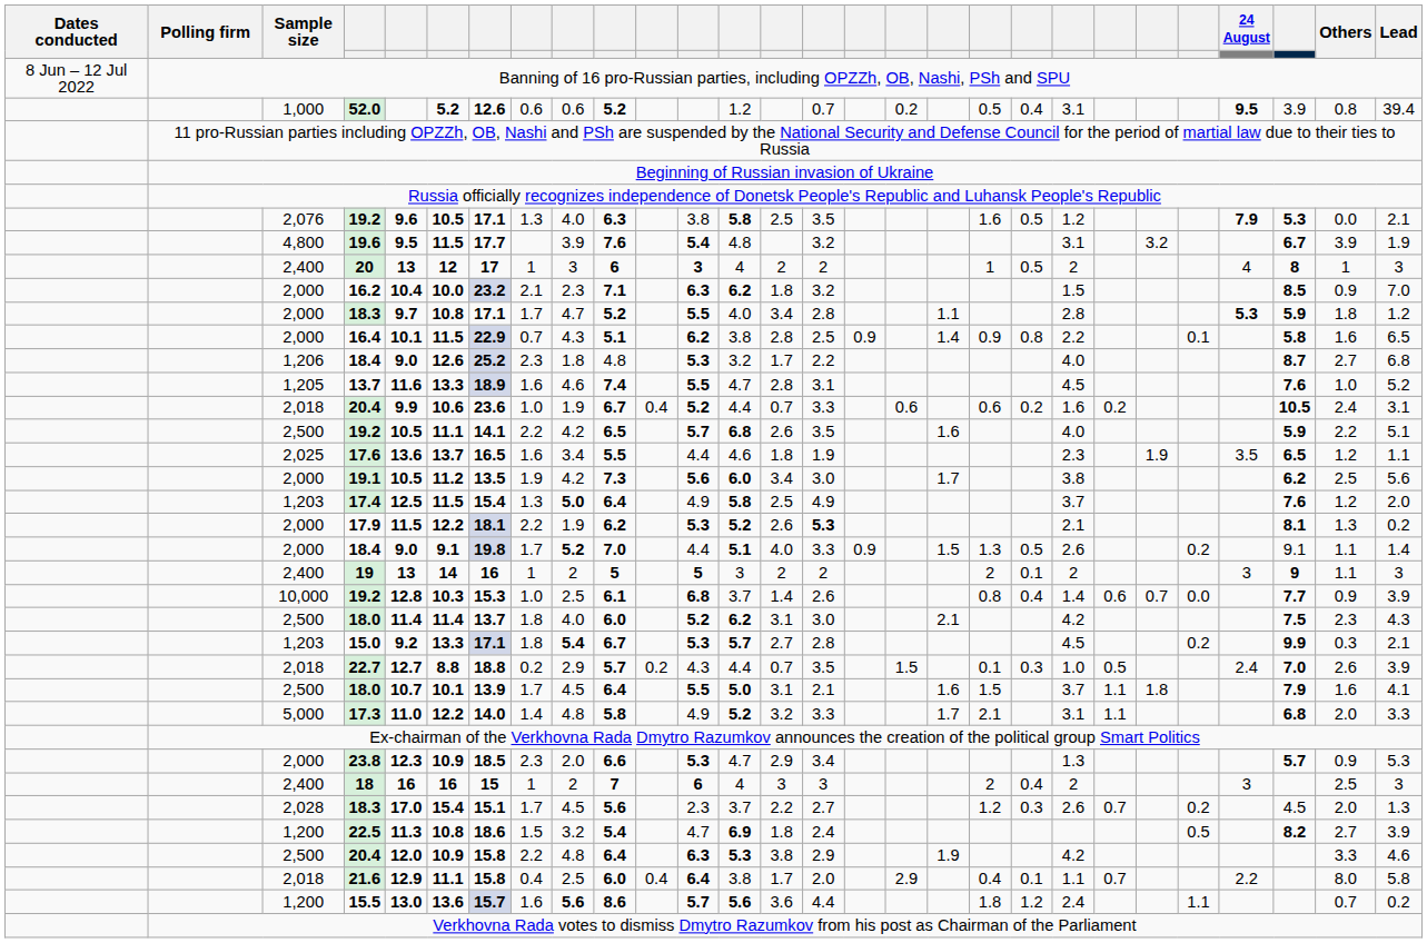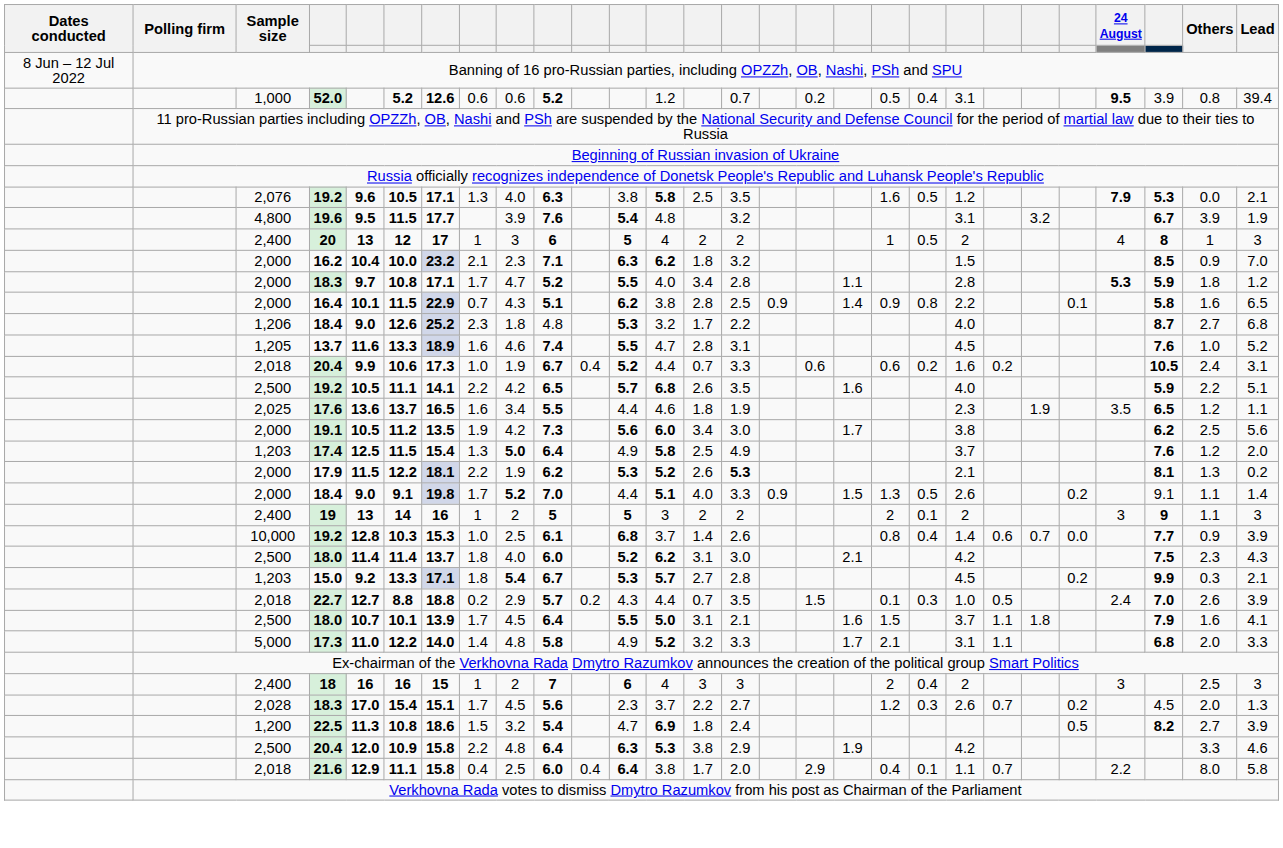 <table class="wikitable sortable mw-datatable mw-collapsible" style="text-align:center;font-size:90%;line-height:14px;">
 <tr style="height:40px;">
 <th rowspan="2">Dates<br>conducted</th>
 <th rowspan="2">Polling firm</th>
 <th rowspan="2">Sample<br>size</th>
 <th class="unsortable" style="width:30px;"></th>
 <th class="unsortable" style="width:30px;"></th>
 <th class="unsortable" style="width:30px;"></th>
 <th class="unsortable" style="width:30px;"></th>
 <th class="unsortable" style="width:30px;"></th>
 <th class="unsortable" style="width:30px;"></th>
 <th class="unsortable" style="width:30px;"></th>
 <th class="unsortable" style="width:30px;"></th>
 <th class="unsortable" style="width:30px;"></th>
 <th class="unsortable" style="width:30px;"></th>
 <th class="unsortable" style="width:30px;"></th>
 <th class="unsortable" style="width:30px;"></th>
 <th class="unsortable" style="width:30px;"></th>
 <th class="unsortable" style="width:30px;"></th>
 <th class="unsortable" style="width:30px;"></th>
 <th class="unsortable" style="width:30px;"></th>
 <th class="unsortable" style="width:30px;"></th>
 <th class="unsortable" style="width:30px;"></th>
 <th class="unsortable" style="width:30px;"></th>
 <th class="unsortable" style="width:30px;"></th>
 <th class="unsortable" style="width:30px;"></th>
 <th class="unsortable" style="width:30px;"><small><a href='#'>24<br>August</a></small></th>
 <th class="unsortable" style="width:30px;"></th>
 <th rowspan="2" class="unsortable" style="width:30px;">Others</th>
 <th rowspan="2" style="width:30px;">Lead</th>
 </tr>
 <tr>
 <th data-sort-type="number" style="background:"></th>
 <th data-sort-type="number" style="background:"></th>
 <th data-sort-type="number" style="background:"></th>
 <th data-sort-type="number" style="background:"></th>
 <th data-sort-type="number" style="background:"></th>
 <th data-sort-type="number" style="background:"></th>
 <th data-sort-type="number" style="background:"></th>
 <th data-sort-type="number" style="background:"></th>
 <th data-sort-type="number" style="background:"></th>
 <th data-sort-type="number" style="background:"></th>
 <th data-sort-type="number" style="background:"></th>
 <th data-sort-type="number" style="background:"></th>
 <th data-sort-type="number" style="background:"></th>
 <th data-sort-type="number" style="background:"></th>
 <th data-sort-type="number" style="background:"></th>
 <th data-sort-type="number" style="background:"></th>
 <th data-sort-type="number" style="background:"></th>
 <th data-sort-type="number" style="background:"></th>
 <th data-sort-type="number" style="background:"></th>
 <th data-sort-type="number" style="background:"></th>
 <th data-sort-type="number" style="background:"></th>
 <th data-sort-type="number" style="background:#808080;"></th>
 <th data-sort-type="number" style="background:#00264A;"></th>
 </tr>
 <tr>
 <td>8 Jun – 12 Jul 2022</td>
 <td colspan="27">Banning of 16 pro-Russian parties, including <a href='#'>OPZZh</a>, <a href='#'>OB</a>, <a href='#'>Nashi</a>, <a href='#'>PSh</a> and <a href='#'>SPU</a></td>
 </tr>
 <tr>
 <td></td>
 <td></td>
 <td>1,000</td>
 <td style="background:#D7F0DB;"><strong>52.0</strong></td>
 <td></td>
 <td><strong>5.2</strong></td>
 <td><strong>12.6</strong></td>
 <td>0.6</td>
 <td>0.6</td>
 <td><strong>5.2</strong></td>
 <td></td>
 <td></td>
 <td>1.2</td>
 <td></td>
 <td>0.7</td>
 <td></td>
 <td>0.2</td>
 <td></td>
 <td>0.5</td>
 <td>0.4</td>
 <td>3.1</td>
 <td></td>
 <td></td>
 <td></td>
 <td><strong>9.5</strong></td>
 <td>3.9</td>
 <td>0.8</td>
 <td style="background:">39.4</td>
 </tr>
 <tr>
 <td></td>
 <td colspan="27">11 pro-Russian parties including <a href='#'>OPZZh</a>, <a href='#'>OB</a>, <a href='#'>Nashi</a> and <a href='#'>PSh</a> are suspended by the <a href='#'>National Security and Defense Council</a> for the period of <a href='#'>martial law</a> due to their ties to Russia</td>
 </tr>
 <tr>
 <td></td>
 <td colspan="27"><a href='#'>Beginning of Russian invasion of Ukraine</a></td>
 </tr>
 <tr>
 <td></td>
 <td colspan="27"><a href='#'>Russia</a> officially <a href='#'>recognizes independence of Donetsk People's Republic and Luhansk People's Republic</a></td>
 </tr>
 <tr>
 <td></td>
 <td></td>
 <td>2,076</td>
 <td style="background:#D7F0DB;"><strong>19.2</strong></td>
 <td><strong>9.6</strong></td>
 <td><strong>10.5</strong></td>
 <td><strong>17.1</strong></td>
 <td>1.3</td>
 <td>4.0</td>
 <td><strong>6.3</strong></td>
 <td></td>
 <td>3.8</td>
 <td><strong>5.8</strong></td>
 <td>2.5</td>
 <td>3.5</td>
 <td></td>
 <td></td>
 <td></td>
 <td>1.6</td>
 <td>0.5</td>
 <td>1.2</td>
 <td></td>
 <td></td>
 <td></td>
 <td><strong>7.9</strong></td>
 <td><strong>5.3</strong></td>
 <td>0.0</td>
 <td style="background:">2.1</td>
 </tr>
 <tr>
 <td></td>
 <td></td>
 <td>4,800</td>
 <td style="background:#D7F0DB;"><strong>19.6</strong></td>
 <td><strong>9.5</strong></td>
 <td><strong>11.5</strong></td>
 <td><strong>17.7</strong></td>
 <td></td>
 <td>3.9</td>
 <td><strong>7.6</strong></td>
 <td></td>
 <td><strong>5.4</strong></td>
 <td>4.8</td>
 <td></td>
 <td>3.2</td>
 <td></td>
 <td></td>
 <td></td>
 <td></td>
 <td></td>
 <td>3.1</td>
 <td></td>
 <td>3.2</td>
 <td></td>
 <td></td>
 <td><strong>6.7</strong></td>
 <td>3.9</td>
 <td style="background:">1.9</td>
 </tr>
 <tr>
 <td></td>
 <td></td>
 <td>2,400</td>
 <td style="background:#D7F0DB;"><strong>20</strong></td>
 <td><strong>13</strong></td>
 <td><strong>12</strong></td>
 <td><strong>17</strong></td>
 <td>1</td>
 <td>3</td>
 <td><strong>6</strong></td>
 <td></td>
-<td><strong>3</strong></td>
+<td><strong>5</strong></td>
 <td>4</td>
 <td>2</td>
 <td>2</td>
 <td></td>
 <td></td>
 <td></td>
 <td>1</td>
 <td>0.5</td>
 <td>2</td>
 <td></td>
 <td></td>
 <td></td>
 <td>4</td>
 <td><strong>8</strong></td>
 <td>1</td>
 <td style="background:">3</td>
 </tr>
 <tr>
 <td></td>
 <td></td>
 <td>2,000</td>
 <td><strong>16.2</strong></td>
 <td><strong>10.4</strong></td>
 <td><strong>10.0</strong></td>
 <td style="background:#D1D7E9;"><strong>23.2</strong></td>
 <td>2.1</td>
 <td>2.3</td>
 <td><strong>7.1</strong></td>
 <td></td>
 <td><strong>6.3</strong></td>
 <td><strong>6.2</strong></td>
 <td>1.8</td>
 <td>3.2</td>
 <td></td>
 <td></td>
 <td></td>
 <td></td>
 <td></td>
 <td>1.5</td>
 <td></td>
 <td></td>
 <td></td>
 <td></td>
 <td><strong>8.5</strong></td>
 <td>0.9</td>
 <td style="background:">7.0</td>
 </tr>
 <tr>
 <td></td>
 <td></td>
 <td>2,000</td>
 <td style="background:#D7F0DB;"><strong>18.3</strong></td>
 <td><strong>9.7</strong></td>
 <td><strong>10.8</strong></td>
 <td><strong>17.1</strong></td>
 <td>1.7</td>
 <td>4.7</td>
 <td><strong>5.2</strong></td>
 <td></td>
 <td><strong>5.5</strong></td>
 <td>4.0</td>
 <td>3.4</td>
 <td>2.8</td>
 <td></td>
 <td></td>
 <td>1.1</td>
 <td></td>
 <td></td>
 <td>2.8</td>
 <td></td>
 <td></td>
 <td></td>
 <td><strong>5.3</strong></td>
 <td><strong>5.9</strong></td>
 <td>1.8</td>
 <td style="background:">1.2</td>
 </tr>
 <tr>
 <td></td>
 <td></td>
 <td>2,000</td>
 <td><strong>16.4</strong></td>
 <td><strong>10.1</strong></td>
 <td><strong>11.5</strong></td>
 <td style="background:#D1D7E9;"><strong>22.9</strong></td>
 <td>0.7</td>
 <td>4.3</td>
 <td><strong>5.1</strong></td>
 <td></td>
 <td><strong>6.2</strong></td>
 <td>3.8</td>
 <td>2.8</td>
 <td>2.5</td>
 <td>0.9</td>
 <td></td>
 <td>1.4</td>
 <td>0.9</td>
 <td>0.8</td>
 <td>2.2</td>
 <td></td>
 <td></td>
 <td>0.1</td>
 <td></td>
 <td><strong>5.8</strong></td>
 <td>1.6</td>
 <td style="background:">6.5</td>
 </tr>
 <tr>
 <td></td>
 <td></td>
 <td>1,206</td>
 <td><strong>18.4</strong></td>
 <td><strong>9.0</strong></td>
 <td><strong>12.6</strong></td>
 <td style="background:#D1D7E9;"><strong>25.2</strong></td>
 <td>2.3</td>
 <td>1.8</td>
 <td>4.8</td>
 <td></td>
 <td><strong>5.3</strong></td>
 <td>3.2</td>
 <td>1.7</td>
 <td>2.2</td>
 <td></td>
 <td></td>
 <td></td>
 <td></td>
 <td></td>
 <td>4.0</td>
 <td></td>
 <td></td>
 <td></td>
 <td></td>
 <td><strong>8.7</strong></td>
 <td>2.7</td>
 <td style="background:">6.8</td>
 </tr>
 <tr>
 <td></td>
 <td></td>
 <td>1,205</td>
 <td><strong>13.7</strong></td>
 <td><strong>11.6</strong></td>
 <td><strong>13.3</strong></td>
 <td style="background:#D1D7E9;"><strong>18.9</strong></td>
 <td>1.6</td>
 <td>4.6</td>
 <td><strong>7.4</strong></td>
 <td></td>
 <td><strong>5.5</strong></td>
 <td>4.7</td>
 <td>2.8</td>
 <td>3.1</td>
 <td></td>
 <td></td>
 <td></td>
 <td></td>
 <td></td>
 <td>4.5</td>
 <td></td>
 <td></td>
 <td></td>
 <td></td>
 <td><strong>7.6</strong></td>
 <td>1.0</td>
 <td style="background:">5.2</td>
 </tr>
 <tr>
 <td></td>
 <td></td>
 <td>2,018</td>
 <td style="background:#D7F0DB;"><strong>20.4</strong></td>
 <td><strong>9.9</strong></td>
 <td><strong>10.6</strong></td>
-<td><strong>23.6</strong></td>
+<td><strong>17.3</strong></td>
 <td>1.0</td>
 <td>1.9</td>
 <td><strong>6.7</strong></td>
 <td>0.4</td>
 <td><strong>5.2</strong></td>
 <td>4.4</td>
 <td>0.7</td>
 <td>3.3</td>
 <td></td>
 <td>0.6</td>
 <td></td>
 <td>0.6</td>
 <td>0.2</td>
 <td>1.6</td>
 <td>0.2</td>
 <td></td>
 <td></td>
 <td></td>
 <td><strong>10.5</strong></td>
 <td>2.4</td>
 <td style="background:">3.1</td>
 </tr>
 <tr>
 <td></td>
 <td></td>
 <td>2,500</td>
 <td style="background:#D7F0DB;"><strong>19.2</strong></td>
 <td><strong>10.5</strong></td>
 <td><strong>11.1</strong></td>
 <td><strong>14.1</strong></td>
 <td>2.2</td>
 <td>4.2</td>
 <td><strong>6.5</strong></td>
 <td></td>
 <td><strong>5.7</strong></td>
 <td><strong>6.8</strong></td>
 <td>2.6</td>
 <td>3.5</td>
 <td></td>
 <td></td>
 <td>1.6</td>
 <td></td>
 <td></td>
 <td>4.0</td>
 <td></td>
 <td></td>
 <td></td>
 <td></td>
 <td><strong>5.9</strong></td>
 <td>2.2</td>
 <td style="background:">5.1</td>
 </tr>
 <tr>
 <td></td>
 <td></td>
 <td>2,025</td>
 <td style="background:#D7F0DB;"><strong>17.6</strong></td>
 <td><strong>13.6</strong></td>
 <td><strong>13.7</strong></td>
 <td><strong>16.5</strong></td>
 <td>1.6</td>
 <td>3.4</td>
 <td><strong>5.5</strong></td>
 <td></td>
 <td>4.4</td>
 <td>4.6</td>
 <td>1.8</td>
 <td>1.9</td>
 <td></td>
 <td></td>
 <td></td>
 <td></td>
 <td></td>
 <td>2.3</td>
 <td></td>
 <td>1.9</td>
 <td></td>
 <td>3.5</td>
 <td><strong>6.5</strong></td>
 <td>1.2</td>
 <td style="background:">1.1</td>
 </tr>
 <tr>
 <td></td>
 <td></td>
 <td>2,000</td>
 <td style="background:#D7F0DB;"><strong>19.1</strong></td>
 <td><strong>10.5</strong></td>
 <td><strong>11.2</strong></td>
 <td><strong>13.5</strong></td>
 <td>1.9</td>
 <td>4.2</td>
 <td><strong>7.3</strong></td>
 <td></td>
 <td><strong>5.6</strong></td>
 <td><strong>6.0</strong></td>
 <td>3.4</td>
 <td>3.0</td>
 <td></td>
 <td></td>
 <td>1.7</td>
 <td></td>
 <td></td>
 <td>3.8</td>
 <td></td>
 <td></td>
 <td></td>
 <td></td>
 <td><strong>6.2</strong></td>
 <td>2.5</td>
 <td style="background:">5.6</td>
 </tr>
 <tr>
 <td></td>
 <td></td>
 <td>1,203</td>
 <td style="background:#D7F0DB;"><strong>17.4</strong></td>
 <td><strong>12.5</strong></td>
 <td><strong>11.5</strong></td>
 <td><strong>15.4</strong></td>
 <td>1.3</td>
 <td><strong>5.0</strong></td>
 <td><strong>6.4</strong></td>
 <td></td>
 <td>4.9</td>
 <td><strong>5.8</strong></td>
 <td>2.5</td>
 <td>4.9</td>
 <td></td>
 <td></td>
 <td></td>
 <td></td>
 <td></td>
 <td>3.7</td>
 <td></td>
 <td></td>
 <td></td>
 <td></td>
 <td><strong>7.6</strong></td>
 <td>1.2</td>
 <td style="background:">2.0</td>
 </tr>
 <tr>
 <td></td>
 <td></td>
 <td>2,000</td>
 <td><strong>17.9</strong></td>
 <td><strong>11.5</strong></td>
 <td><strong>12.2</strong></td>
 <td style="background:#D1D7E9;"><strong>18.1</strong></td>
 <td>2.2</td>
 <td>1.9</td>
 <td><strong>6.2</strong></td>
 <td></td>
 <td><strong>5.3</strong></td>
 <td><strong>5.2</strong></td>
 <td>2.6</td>
 <td><strong>5.3</strong></td>
 <td></td>
 <td></td>
 <td></td>
 <td></td>
 <td></td>
 <td>2.1</td>
 <td></td>
 <td></td>
 <td></td>
 <td></td>
 <td><strong>8.1</strong></td>
 <td>1.3</td>
 <td style="background:">0.2</td>
 </tr>
 <tr>
 <td></td>
 <td></td>
 <td>2,000</td>
 <td><strong>18.4</strong></td>
 <td><strong>9.0</strong></td>
 <td><strong>9.1</strong></td>
 <td style="background:#D1D7E9;"><strong>19.8</strong></td>
 <td>1.7</td>
 <td><strong>5.2</strong></td>
 <td><strong>7.0</strong></td>
 <td></td>
 <td>4.4</td>
 <td><strong>5.1</strong></td>
 <td>4.0</td>
 <td>3.3</td>
 <td>0.9</td>
 <td></td>
 <td>1.5</td>
 <td>1.3</td>
 <td>0.5</td>
 <td>2.6</td>
 <td></td>
 <td></td>
 <td>0.2</td>
 <td></td>
 <td>9.1</td>
 <td>1.1</td>
 <td style="background:">1.4</td>
 </tr>
 <tr>
 <td></td>
 <td></td>
 <td>2,400</td>
 <td style="background:#D7F0DB;"><strong>19</strong></td>
 <td><strong>13</strong></td>
 <td><strong>14</strong></td>
 <td><strong>16</strong></td>
 <td>1</td>
 <td>2</td>
 <td><strong>5</strong></td>
 <td></td>
 <td><strong>5</strong></td>
 <td>3</td>
 <td>2</td>
 <td>2</td>
 <td></td>
 <td></td>
 <td></td>
 <td>2</td>
 <td>0.1</td>
 <td>2</td>
 <td></td>
 <td></td>
 <td></td>
 <td>3</td>
 <td><strong>9</strong></td>
 <td>1.1</td>
 <td style="background:">3</td>
 </tr>
 <tr>
 <td></td>
 <td></td>
 <td>10,000</td>
 <td style="background:#D7F0DB;"><strong>19.2</strong></td>
 <td><strong>12.8</strong></td>
 <td><strong>10.3</strong></td>
 <td><strong>15.3</strong></td>
 <td>1.0</td>
 <td>2.5</td>
 <td><strong>6.1</strong></td>
 <td></td>
 <td><strong>6.8</strong></td>
 <td>3.7</td>
 <td>1.4</td>
 <td>2.6</td>
 <td></td>
 <td></td>
 <td></td>
 <td>0.8</td>
 <td>0.4</td>
 <td>1.4</td>
 <td>0.6</td>
 <td>0.7</td>
 <td>0.0</td>
 <td></td>
 <td><strong>7.7</strong></td>
 <td>0.9</td>
 <td style="background:">3.9</td>
 </tr>
 <tr>
 <td></td>
 <td></td>
 <td>2,500</td>
 <td style="background:#D7F0DB;"><strong>18.0</strong></td>
 <td><strong>11.4</strong></td>
 <td><strong>11.4</strong></td>
 <td><strong>13.7</strong></td>
 <td>1.8</td>
 <td>4.0</td>
 <td><strong>6.0</strong></td>
 <td></td>
 <td><strong>5.2</strong></td>
 <td><strong>6.2</strong></td>
 <td>3.1</td>
 <td>3.0</td>
 <td></td>
 <td></td>
 <td>2.1</td>
 <td></td>
 <td></td>
 <td>4.2</td>
 <td></td>
 <td></td>
 <td></td>
 <td></td>
 <td><strong>7.5</strong></td>
 <td>2.3</td>
 <td style="background:">4.3</td>
 </tr>
 <tr>
 <td></td>
 <td></td>
 <td>1,203</td>
 <td><strong>15.0</strong></td>
 <td><strong>9.2</strong></td>
 <td><strong>13.3</strong></td>
 <td style="background:#D1D7E9;"><strong>17.1</strong></td>
 <td>1.8</td>
 <td><strong>5.4</strong></td>
 <td><strong>6.7</strong></td>
 <td></td>
 <td><strong>5.3</strong></td>
 <td><strong>5.7</strong></td>
 <td>2.7</td>
 <td>2.8</td>
 <td></td>
 <td></td>
 <td></td>
 <td></td>
 <td></td>
 <td>4.5</td>
 <td></td>
 <td></td>
 <td>0.2</td>
 <td></td>
 <td><strong>9.9</strong></td>
 <td>0.3</td>
 <td style="background:">2.1</td>
 </tr>
 <tr>
 <td></td>
 <td></td>
 <td>2,018</td>
 <td style="background:#D7F0DB;"><strong>22.7</strong></td>
 <td><strong>12.7</strong></td>
 <td><strong>8.8</strong></td>
 <td><strong>18.8</strong></td>
 <td>0.2</td>
 <td>2.9</td>
 <td><strong>5.7</strong></td>
 <td>0.2</td>
 <td>4.3</td>
 <td>4.4</td>
 <td>0.7</td>
 <td>3.5</td>
 <td></td>
 <td>1.5</td>
 <td></td>
 <td>0.1</td>
 <td>0.3</td>
 <td>1.0</td>
 <td>0.5</td>
 <td></td>
 <td></td>
 <td>2.4</td>
 <td><strong>7.0</strong></td>
 <td>2.6</td>
 <td style="background:">3.9</td>
 </tr>
 <tr>
 <td></td>
 <td></td>
 <td>2,500</td>
 <td style="background:#D7F0DB;"><strong>18.0</strong></td>
 <td><strong>10.7</strong></td>
 <td><strong>10.1</strong></td>
 <td><strong>13.9</strong></td>
 <td>1.7</td>
 <td>4.5</td>
 <td><strong>6.4</strong></td>
 <td></td>
 <td><strong>5.5</strong></td>
 <td><strong>5.0</strong></td>
 <td>3.1</td>
 <td>2.1</td>
 <td></td>
 <td></td>
 <td>1.6</td>
 <td>1.5</td>
 <td></td>
 <td>3.7</td>
 <td>1.1</td>
 <td>1.8</td>
 <td></td>
 <td></td>
 <td><strong>7.9</strong></td>
 <td>1.6</td>
 <td style="background:">4.1</td>
 </tr>
 <tr>
 <td></td>
 <td></td>
 <td>5,000</td>
 <td style="background:#D7F0DB;"><strong>17.3</strong></td>
 <td><strong>11.0</strong></td>
 <td><strong>12.2</strong></td>
 <td><strong>14.0</strong></td>
 <td>1.4</td>
 <td>4.8</td>
 <td><strong>5.8</strong></td>
 <td></td>
 <td>4.9</td>
 <td><strong>5.2</strong></td>
 <td>3.2</td>
 <td>3.3</td>
 <td></td>
 <td></td>
 <td>1.7</td>
 <td>2.1</td>
 <td></td>
 <td>3.1</td>
 <td>1.1</td>
 <td></td>
 <td></td>
 <td></td>
 <td><strong>6.8</strong></td>
 <td>2.0</td>
 <td style="background:">3.3</td>
 </tr>
 <tr>
 <td></td>
 <td colspan="27">Ex-chairman of the <a href='#'>Verkhovna Rada</a> <a href='#'>Dmytro Razumkov</a> announces the creation of the political group <a href='#'>Smart Politics</a></td>
 </tr>
 <tr>
 <td></td>
 <td></td>
-<td>2,000</td>
-<td style="background:#D7F0DB;"><strong>23.8</strong></td>
-<td><strong>12.3</strong></td>
-<td><strong>10.9</strong></td>
-<td><strong>18.5</strong></td>
-<td>2.3</td>
-<td>2.0</td>
-<td><strong>6.6</strong></td>
-<td></td>
-<td><strong>5.3</strong></td>
-<td>4.7</td>
-<td>2.9</td>
-<td>3.4</td>
-<td></td>
-<td></td>
-<td></td>
-<td></td>
-<td></td>
-<td>1.3</td>
-<td></td>
-<td></td>
-<td></td>
-<td></td>
-<td><strong>5.7</strong></td>
-<td>0.9</td>
-<td style="background:">5.3</td>
-</tr>
-<tr>
-<td></td>
-<td></td>
 <td>2,400</td>
 <td style="background:#D7F0DB;"><strong>18</strong></td>
 <td><strong>16</strong></td>
 <td><strong>16</strong></td>
 <td><strong>15</strong></td>
 <td>1</td>
 <td>2</td>
 <td><strong>7</strong></td>
 <td></td>
 <td><strong>6</strong></td>
 <td>4</td>
 <td>3</td>
 <td>3</td>
 <td></td>
 <td></td>
 <td></td>
 <td>2</td>
 <td>0.4</td>
 <td>2</td>
 <td></td>
 <td></td>
 <td></td>
 <td>3</td>
 <td></td>
 <td>2.5</td>
 <td style="background:">3</td>
 </tr>
 <tr>
 <td></td>
 <td></td>
 <td>2,028</td>
 <td style="background:#D7F0DB;"><strong>18.3</strong></td>
 <td><strong>17.0</strong></td>
 <td><strong>15.4</strong></td>
 <td><strong>15.1</strong></td>
 <td>1.7</td>
 <td>4.5</td>
 <td><strong>5.6</strong></td>
 <td></td>
 <td>2.3</td>
 <td>3.7</td>
 <td>2.2</td>
 <td>2.7</td>
 <td></td>
 <td></td>
 <td></td>
 <td>1.2</td>
 <td>0.3</td>
 <td>2.6</td>
 <td>0.7</td>
 <td></td>
 <td>0.2</td>
 <td></td>
 <td>4.5</td>
 <td>2.0</td>
 <td style="background:">1.3</td>
 </tr>
 <tr>
 <td></td>
 <td></td>
 <td>1,200</td>
 <td style="background:#D7F0DB;"><strong>22.5</strong></td>
 <td><strong>11.3</strong></td>
 <td><strong>10.8</strong></td>
 <td><strong>18.6</strong></td>
 <td>1.5</td>
 <td>3.2</td>
 <td><strong>5.4</strong></td>
 <td></td>
 <td>4.7</td>
 <td><strong>6.9</strong></td>
 <td>1.8</td>
 <td>2.4</td>
 <td></td>
 <td></td>
 <td></td>
 <td></td>
 <td></td>
 <td></td>
 <td></td>
 <td></td>
 <td>0.5</td>
 <td></td>
 <td><strong>8.2</strong></td>
 <td>2.7</td>
 <td style="background:">3.9</td>
 </tr>
 <tr>
 <td></td>
 <td></td>
 <td>2,500</td>
 <td style="background:#D7F0DB;"><strong>20.4</strong></td>
 <td><strong>12.0</strong></td>
 <td><strong>10.9</strong></td>
 <td><strong>15.8</strong></td>
 <td>2.2</td>
 <td>4.8</td>
 <td><strong>6.4</strong></td>
 <td></td>
 <td><strong>6.3</strong></td>
 <td><strong>5.3</strong></td>
 <td>3.8</td>
 <td>2.9</td>
 <td></td>
 <td></td>
 <td>1.9</td>
 <td></td>
 <td></td>
 <td>4.2</td>
 <td></td>
 <td></td>
 <td></td>
 <td></td>
 <td></td>
 <td>3.3</td>
 <td style="background:">4.6</td>
 </tr>
 <tr>
 <td></td>
 <td></td>
 <td>2,018</td>
 <td style="background:#D7F0DB;"><strong>21.6</strong></td>
 <td><strong>12.9</strong></td>
 <td><strong>11.1</strong></td>
 <td><strong>15.8</strong></td>
 <td>0.4</td>
 <td>2.5</td>
 <td><strong>6.0</strong></td>
 <td>0.4</td>
 <td><strong>6.4</strong></td>
 <td>3.8</td>
 <td>1.7</td>
 <td>2.0</td>
 <td></td>
 <td>2.9</td>
 <td></td>
 <td>0.4</td>
 <td>0.1</td>
 <td>1.1</td>
 <td>0.7</td>
 <td></td>
 <td></td>
 <td>2.2</td>
 <td></td>
 <td>8.0</td>
 <td style="background:">5.8</td>
 </tr>
 <tr>
 <td></td>
-<td></td>
-<td>1,200</td>
-<td><strong>15.5</strong></td>
-<td><strong>13.0</strong></td>
-<td><strong>13.6</strong></td>
-<td style="background:#D1D7E9;"><strong>15.7</strong></td>
-<td>1.6</td>
-<td><strong>5.6</strong></td>
-<td><strong>8.6</strong></td>
-<td></td>
-<td><strong>5.7</strong></td>
-<td><strong>5.6</strong></td>
-<td>3.6</td>
-<td>4.4</td>
-<td></td>
-<td></td>
-<td></td>
-<td>1.8</td>
-<td>1.2</td>
-<td>2.4</td>
-<td></td>
-<td></td>
-<td>1.1</td>
-<td></td>
-<td></td>
-<td>0.7</td>
-<td style="background:">0.2</td>
-</tr>
-<tr>
-<td></td>
 <td colspan="27"><a href='#'>Verkhovna Rada</a> votes to dismiss <a href='#'>Dmytro Razumkov</a> from his post as Chairman of the Parliament</td>
 </tr>
 </table>
